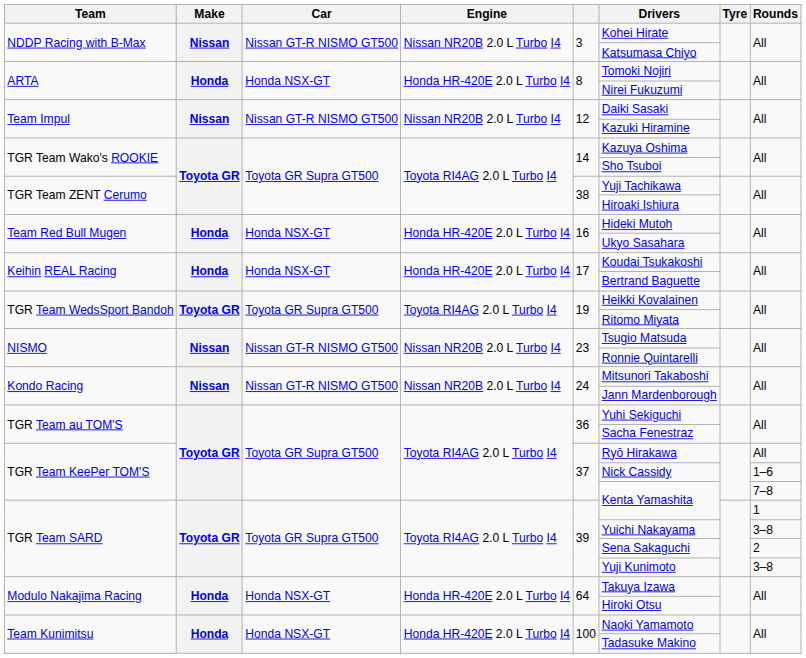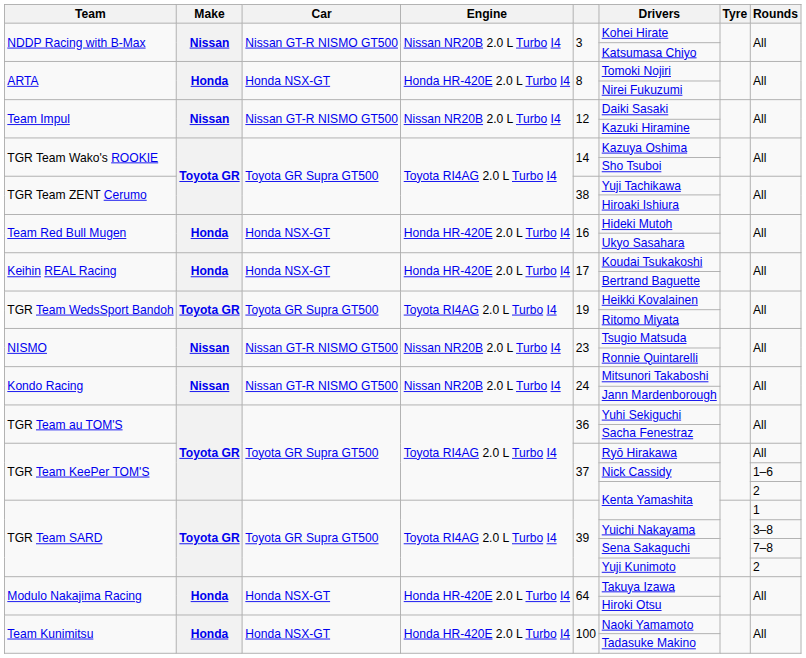 <table class="wikitable" style="font-size: 85%">
 <tr>
 <th>Team</th>
 <th>Make</th>
 <th>Car</th>
 <th>Engine</th>
 <th></th>
 <th>Drivers</th>
 <th>Tyre</th>
 <th>Rounds</th>
 </tr>
 <tr>
 <td rowspan=2> <a href='#'>NDDP Racing with B-Max</a></td>
 <th rowspan=2><a href='#'>Nissan</a></th>
 <td rowspan=2><a href='#'>Nissan GT-R NISMO GT500</a></td>
 <td rowspan=2><a href='#'>Nissan NR20B</a> 2.0 L <a href='#'>Turbo</a> <a href='#'>I4</a></td>
 <td rowspan=2>3</td>
 <td> <a href='#'>Kohei Hirate</a></td>
 <td rowspan=2 align=center></td>
 <td rowspan="2">All</td>
 </tr>
 <tr>
 <td> <a href='#'>Katsumasa Chiyo</a></td>
 </tr>
 <tr>
 <td rowspan=2> <a href='#'>ARTA</a></td>
 <th rowspan=2><a href='#'>Honda</a></th>
 <td rowspan=2><a href='#'>Honda NSX-GT</a></td>
 <td rowspan=2><a href='#'>Honda HR-420E</a> 2.0 L <a href='#'>Turbo</a> <a href='#'>I4</a></td>
 <td rowspan=2>8</td>
 <td> <a href='#'>Tomoki Nojiri</a></td>
 <td rowspan=2 align=center></td>
 <td rowspan="2">All</td>
 </tr>
 <tr>
 <td> <a href='#'>Nirei Fukuzumi</a></td>
 </tr>
 <tr>
 <td rowspan=2> <a href='#'>Team Impul</a></td>
 <th rowspan=2><a href='#'>Nissan</a></th>
 <td rowspan=2><a href='#'>Nissan GT-R NISMO GT500</a></td>
 <td rowspan=2><a href='#'>Nissan NR20B</a> 2.0 L <a href='#'>Turbo</a> <a href='#'>I4</a></td>
 <td rowspan=2>12</td>
 <td> <a href='#'>Daiki Sasaki</a></td>
 <td rowspan=2 align=center></td>
 <td rowspan="2">All</td>
 </tr>
 <tr>
 <td> <a href='#'>Kazuki Hiramine</a></td>
 </tr>
 <tr>
 <td rowspan=2> TGR Team Wako's <a href='#'>ROOKIE</a></td>
 <th rowspan=4><a href='#'>Toyota GR</a></th>
 <td rowspan=4><a href='#'>Toyota GR Supra GT500</a></td>
 <td rowspan=4><a href='#'>Toyota RI4AG</a> 2.0 L <a href='#'>Turbo</a> <a href='#'>I4</a></td>
 <td rowspan=2>14</td>
 <td> <a href='#'>Kazuya Oshima</a></td>
 <td rowspan=2 align=center></td>
 <td rowspan="2">All</td>
 </tr>
 <tr>
 <td> <a href='#'>Sho Tsuboi</a></td>
 </tr>
 <tr>
 <td rowspan=2> TGR Team ZENT <a href='#'>Cerumo</a></td>
 <td rowspan=2>38</td>
 <td> <a href='#'>Yuji Tachikawa</a></td>
 <td rowspan=2 align=center></td>
 <td rowspan="2">All</td>
 </tr>
 <tr>
 <td> <a href='#'>Hiroaki Ishiura</a></td>
 </tr>
 <tr>
 <td rowspan=2> <a href='#'>Team Red Bull Mugen</a></td>
 <th rowspan=2><a href='#'>Honda</a></th>
 <td rowspan=2><a href='#'>Honda NSX-GT</a></td>
 <td rowspan=2><a href='#'>Honda HR-420E</a> 2.0 L <a href='#'>Turbo</a> <a href='#'>I4</a></td>
 <td rowspan=2>16</td>
 <td> <a href='#'>Hideki Mutoh</a></td>
 <td rowspan=2 align=center></td>
 <td rowspan="2">All</td>
 </tr>
 <tr>
 <td> <a href='#'>Ukyo Sasahara</a></td>
 </tr>
 <tr>
 <td rowspan=2> <a href='#'>Keihin</a> <a href='#'>REAL Racing</a></td>
 <th rowspan=2><a href='#'>Honda</a></th>
 <td rowspan=2><a href='#'>Honda NSX-GT</a></td>
 <td rowspan=2><a href='#'>Honda HR-420E</a> 2.0 L <a href='#'>Turbo</a> <a href='#'>I4</a></td>
 <td rowspan=2>17</td>
 <td> <a href='#'>Koudai Tsukakoshi</a></td>
 <td rowspan=2 align=center></td>
 <td rowspan="2">All</td>
 </tr>
 <tr>
 <td> <a href='#'>Bertrand Baguette</a></td>
 </tr>
 <tr>
 <td rowspan=2> TGR <a href='#'>Team WedsSport Bandoh</a></td>
 <th rowspan=2><a href='#'>Toyota GR</a></th>
 <td rowspan=2><a href='#'>Toyota GR Supra GT500</a></td>
 <td rowspan=2><a href='#'>Toyota RI4AG</a> 2.0 L <a href='#'>Turbo</a> <a href='#'>I4</a></td>
 <td rowspan=2>19</td>
 <td> <a href='#'>Heikki Kovalainen</a></td>
 <td rowspan=2 align=center></td>
 <td rowspan="2">All</td>
 </tr>
 <tr>
 <td> <a href='#'>Ritomo Miyata</a></td>
 </tr>
 <tr>
 <td rowspan=2> <a href='#'>NISMO</a></td>
 <th rowspan=2><a href='#'>Nissan</a></th>
 <td rowspan=2><a href='#'>Nissan GT-R NISMO GT500</a></td>
 <td rowspan=2><a href='#'>Nissan NR20B</a> 2.0 L <a href='#'>Turbo</a> <a href='#'>I4</a></td>
 <td rowspan=2>23</td>
 <td> <a href='#'>Tsugio Matsuda</a></td>
 <td rowspan=2 align=center></td>
 <td rowspan="2">All</td>
 </tr>
 <tr>
 <td> <a href='#'>Ronnie Quintarelli</a></td>
 </tr>
 <tr>
 <td rowspan=2> <a href='#'>Kondo Racing</a></td>
 <th rowspan=2><a href='#'>Nissan</a></th>
 <td rowspan=2><a href='#'>Nissan GT-R NISMO GT500</a></td>
 <td rowspan=2><a href='#'>Nissan NR20B</a> 2.0 L <a href='#'>Turbo</a> <a href='#'>I4</a></td>
 <td rowspan=2>24</td>
 <td> <a href='#'>Mitsunori Takaboshi</a></td>
 <td rowspan=2 align=center></td>
 <td rowspan="2">All</td>
 </tr>
 <tr>
 <td> <a href='#'>Jann Mardenborough</a></td>
 </tr>
 <tr>
 <td rowspan=2> TGR <a href='#'>Team au TOM'S</a></td>
 <th rowspan="5"><a href='#'>Toyota GR</a></th>
 <td rowspan="5"><a href='#'>Toyota GR Supra GT500</a></td>
 <td rowspan="5"><a href='#'>Toyota RI4AG</a> 2.0 L <a href='#'>Turbo</a> <a href='#'>I4</a></td>
 <td rowspan="2">36</td>
 <td> <a href='#'>Yuhi Sekiguchi</a></td>
 <td rowspan="2" align="center"></td>
 <td rowspan="2">All</td>
 </tr>
 <tr>
 <td> <a href='#'>Sacha Fenestraz</a></td>
 </tr>
 <tr>
 <td rowspan="3"> TGR <a href='#'>Team KeePer TOM'S</a></td>
 <td rowspan="3">37</td>
 <td> <a href='#'>Ryō Hirakawa</a></td>
 <td rowspan="3" align="center"></td>
 <td>All</td>
 </tr>
 <tr>
 <td> <a href='#'>Nick Cassidy</a></td>
 <td>1–6</td>
 </tr>
 <tr>
 <td rowspan="2"> <a href='#'>Kenta Yamashita</a></td>
-<td>7–8</td>
+<td>2</td>
 </tr>
 <tr>
 <td rowspan="4"> TGR <a href='#'>Team SARD</a></td>
 <th rowspan="4"><a href='#'>Toyota GR</a></th>
 <td rowspan="4"><a href='#'>Toyota GR Supra GT500</a></td>
 <td rowspan="4"><a href='#'>Toyota RI4AG</a> 2.0 L <a href='#'>Turbo</a> <a href='#'>I4</a></td>
 <td rowspan="4">39</td>
 <td rowspan="4" align="center"></td>
 <td>1</td>
 </tr>
 <tr>
 <td> <a href='#'>Yuichi Nakayama</a></td>
 <td>3–8</td>
 </tr>
 <tr>
 <td> <a href='#'>Sena Sakaguchi</a></td>
-<td>2</td>
+<td>7–8</td>
 </tr>
 <tr>
 <td> <a href='#'>Yuji Kunimoto</a></td>
-<td>3–8</td>
+<td>2</td>
 </tr>
 <tr>
 <td rowspan="2"> <a href='#'>Modulo Nakajima Racing</a></td>
 <th rowspan="2"><a href='#'>Honda</a></th>
 <td rowspan="2"><a href='#'>Honda NSX-GT</a></td>
 <td rowspan="2"><a href='#'>Honda HR-420E</a> 2.0 L <a href='#'>Turbo</a> <a href='#'>I4</a></td>
 <td rowspan="2">64</td>
 <td> <a href='#'>Takuya Izawa</a></td>
 <td rowspan="2" align="center"></td>
 <td rowspan="2">All</td>
 </tr>
 <tr>
 <td> <a href='#'>Hiroki Otsu</a></td>
 </tr>
 <tr>
 <td rowspan=2> <a href='#'>Team Kunimitsu</a></td>
 <th rowspan=2><a href='#'>Honda</a></th>
 <td rowspan=2><a href='#'>Honda NSX-GT</a></td>
 <td rowspan=2><a href='#'>Honda HR-420E</a> 2.0 L <a href='#'>Turbo</a> <a href='#'>I4</a></td>
 <td rowspan=2>100</td>
 <td> <a href='#'>Naoki Yamamoto</a></td>
 <td rowspan=2 align=center></td>
 <td rowspan="2">All</td>
 </tr>
 <tr>
 <td> <a href='#'>Tadasuke Makino</a></td>
 </tr>
 </table>
